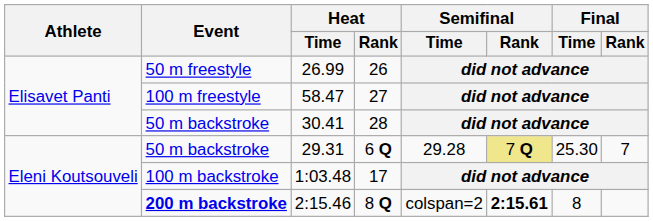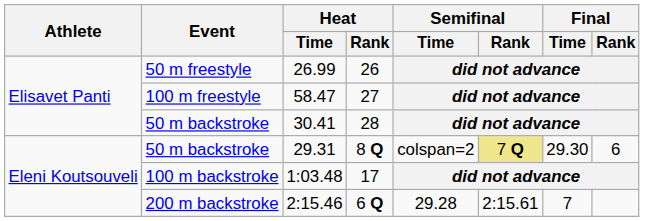 <table class=wikitable style="font-size:90%">
 <tr>
 <th rowspan=2>Athlete</th>
 <th rowspan=2>Event</th>
 <th colspan="2">Heat</th>
 <th colspan="2">Semifinal</th>
 <th colspan="2">Final</th>
 </tr>
 <tr style="font-size:95%">
 <th>Time</th>
 <th>Rank</th>
 <th>Time</th>
 <th>Rank</th>
 <th>Time</th>
 <th>Rank</th>
 </tr>
 <tr align=center>
 <td align=left rowspan=3><a href='#'>Elisavet Panti</a></td>
 <td align=left><a href='#'>50 m freestyle</a></td>
 <td>26.99</td>
 <td>26</td>
 <th colspan=4><strong><em>did not advance</em></strong></th>
 </tr>
 <tr align=center>
 <td align=left><a href='#'>100 m freestyle</a></td>
 <td>58.47</td>
 <td>27</td>
 <th colspan=4><strong><em>did not advance</em></strong></th>
 </tr>
 <tr align=center>
 <td align=left><a href='#'>50 m backstroke</a></td>
 <td>30.41</td>
 <td>28</td>
 <th colspan=4><strong><em>did not advance</em></strong></th>
 </tr>
 <tr align=center>
 <td align=left rowspan=3><a href='#'>Eleni Koutsouveli</a></td>
 <td align=left><a href='#'>50 m backstroke</a></td>
 <td>29.31</td>
-<td>6 <strong>Q</strong></td>
-<td>29.28</td>
+<td>8 <strong>Q</strong></td>
+<td>colspan=2 </td>
 <td style="background: khaki;">7 <strong>Q</strong></td>
-<td>25.30</td>
-<td>7</td>
+<td>29.30</td>
+<td>6</td>
 </tr>
 <tr align=center>
 <td align=left><a href='#'>100 m backstroke</a></td>
 <td>1:03.48</td>
 <td>17</td>
 <th colspan=4><strong><em>did not advance</em></strong></th>
 </tr>
 <tr align=center>
-<td align=left><strong><a href='#'>200 m backstroke</a></strong></td>
+<td align=left><a href='#'>200 m backstroke</a></td>
 <td>2:15.46</td>
-<td>8 <strong>Q</strong></td>
-<td>colspan=2 </td>
-<td><strong>2:15.61</strong></td>
-<td>8</td>
+<td>6 <strong>Q</strong></td>
+<td>29.28</td>
+<td>2:15.61</td>
+<td>7</td>
 </tr>
 </table>
